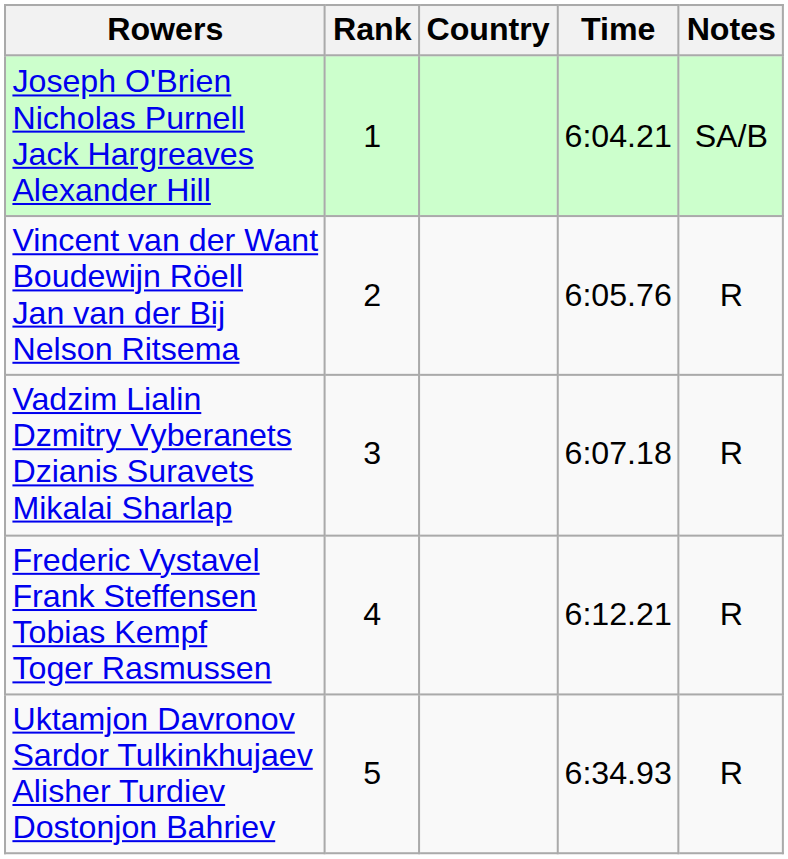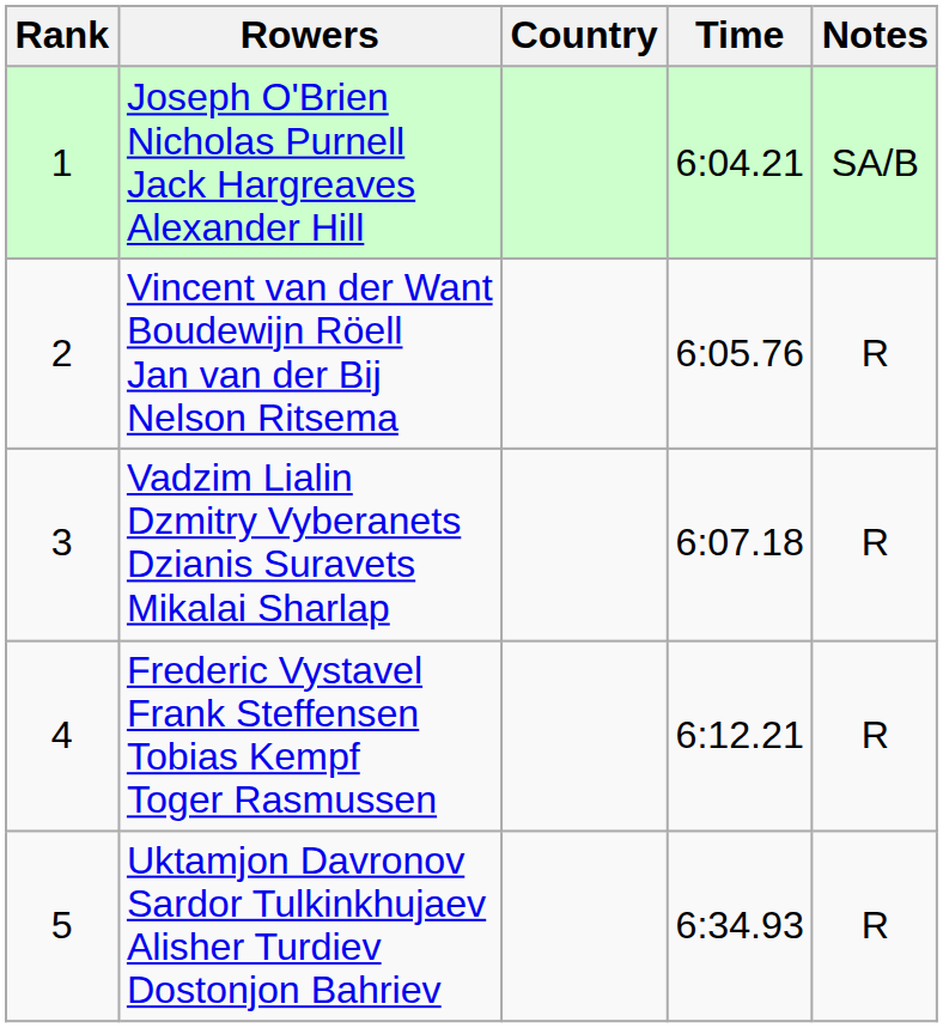 <table class="wikitable" style="text-align:center">
 <tr>
+<th>Rank</th>
 <th>Rowers</th>
-<th>Rank</th>
 <th>Country</th>
 <th>Time</th>
 <th>Notes</th>
 </tr>
 <tr bgcolor=ccffcc>
+<td>1</td>
 <td align="left"><a href='#'>Joseph O'Brien</a><br><a href='#'>Nicholas Purnell</a><br><a href='#'>Jack Hargreaves</a><br><a href='#'>Alexander Hill</a></td>
-<td>1</td>
 <td align="left"></td>
 <td>6:04.21</td>
 <td>SA/B</td>
 </tr>
 <tr>
+<td>2</td>
 <td align="left"><a href='#'>Vincent van der Want</a><br><a href='#'>Boudewijn Röell</a><br><a href='#'>Jan van der Bij</a><br><a href='#'>Nelson Ritsema</a></td>
-<td>2</td>
 <td align="left"></td>
 <td>6:05.76</td>
 <td>R</td>
 </tr>
 <tr>
+<td>3</td>
 <td align="left"><a href='#'>Vadzim Lialin</a><br><a href='#'>Dzmitry Vyberanets</a><br><a href='#'>Dzianis Suravets</a><br><a href='#'>Mikalai Sharlap</a></td>
-<td>3</td>
 <td align="left"></td>
 <td>6:07.18</td>
 <td>R</td>
 </tr>
 <tr>
+<td>4</td>
 <td align="left"><a href='#'>Frederic Vystavel</a><br><a href='#'>Frank Steffensen</a><br><a href='#'>Tobias Kempf</a><br><a href='#'>Toger Rasmussen</a></td>
-<td>4</td>
 <td align="left"></td>
 <td>6:12.21</td>
 <td>R</td>
 </tr>
 <tr>
+<td>5</td>
 <td align="left"><a href='#'>Uktamjon Davronov</a><br><a href='#'>Sardor Tulkinkhujaev</a><br><a href='#'>Alisher Turdiev</a><br><a href='#'>Dostonjon Bahriev</a></td>
-<td>5</td>
 <td align="left"></td>
 <td>6:34.93</td>
 <td>R</td>
 </tr>
 </table>
